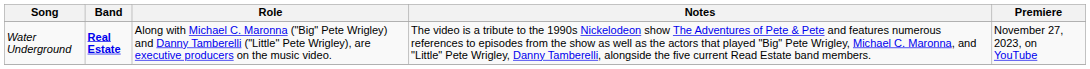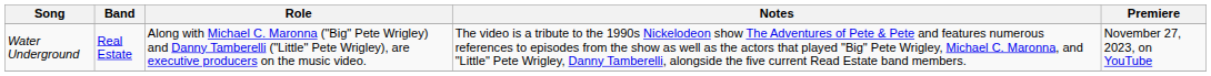 <table class="wikitable">
 <tr>
 <th>Song</th>
 <th>Band</th>
 <th>Role</th>
 <th>Notes</th>
 <th>Premiere</th>
 </tr>
 <tr>
 </tr>
 <tr>
 <td><em>Water Underground</em></td>
-<td><strong><a href='#'>Real Estate</a></strong></td>
+<td><a href='#'>Real Estate</a></td>
 <td>Along with <a href='#'>Michael C. Maronna</a> ("Big" Pete Wrigley) and <a href='#'>Danny Tamberelli</a> ("Little" Pete Wrigley), are <a href='#'>executive producers</a> on the music video.</td>
 <td>The video is a tribute to the 1990s <a href='#'>Nickelodeon</a> show <a href='#'>The Adventures of Pete & Pete</a> and features numerous references to episodes from the show as well as the actors that played "Big" Pete Wrigley, <a href='#'>Michael C. Maronna</a>, and "Little" Pete Wrigley, <a href='#'>Danny Tamberelli</a>, alongside the five current Read Estate band members.</td>
 <td>November 27, 2023, on <a href='#'>YouTube</a></td>
 </tr>
 <tr>
 </tr>
 </table>
